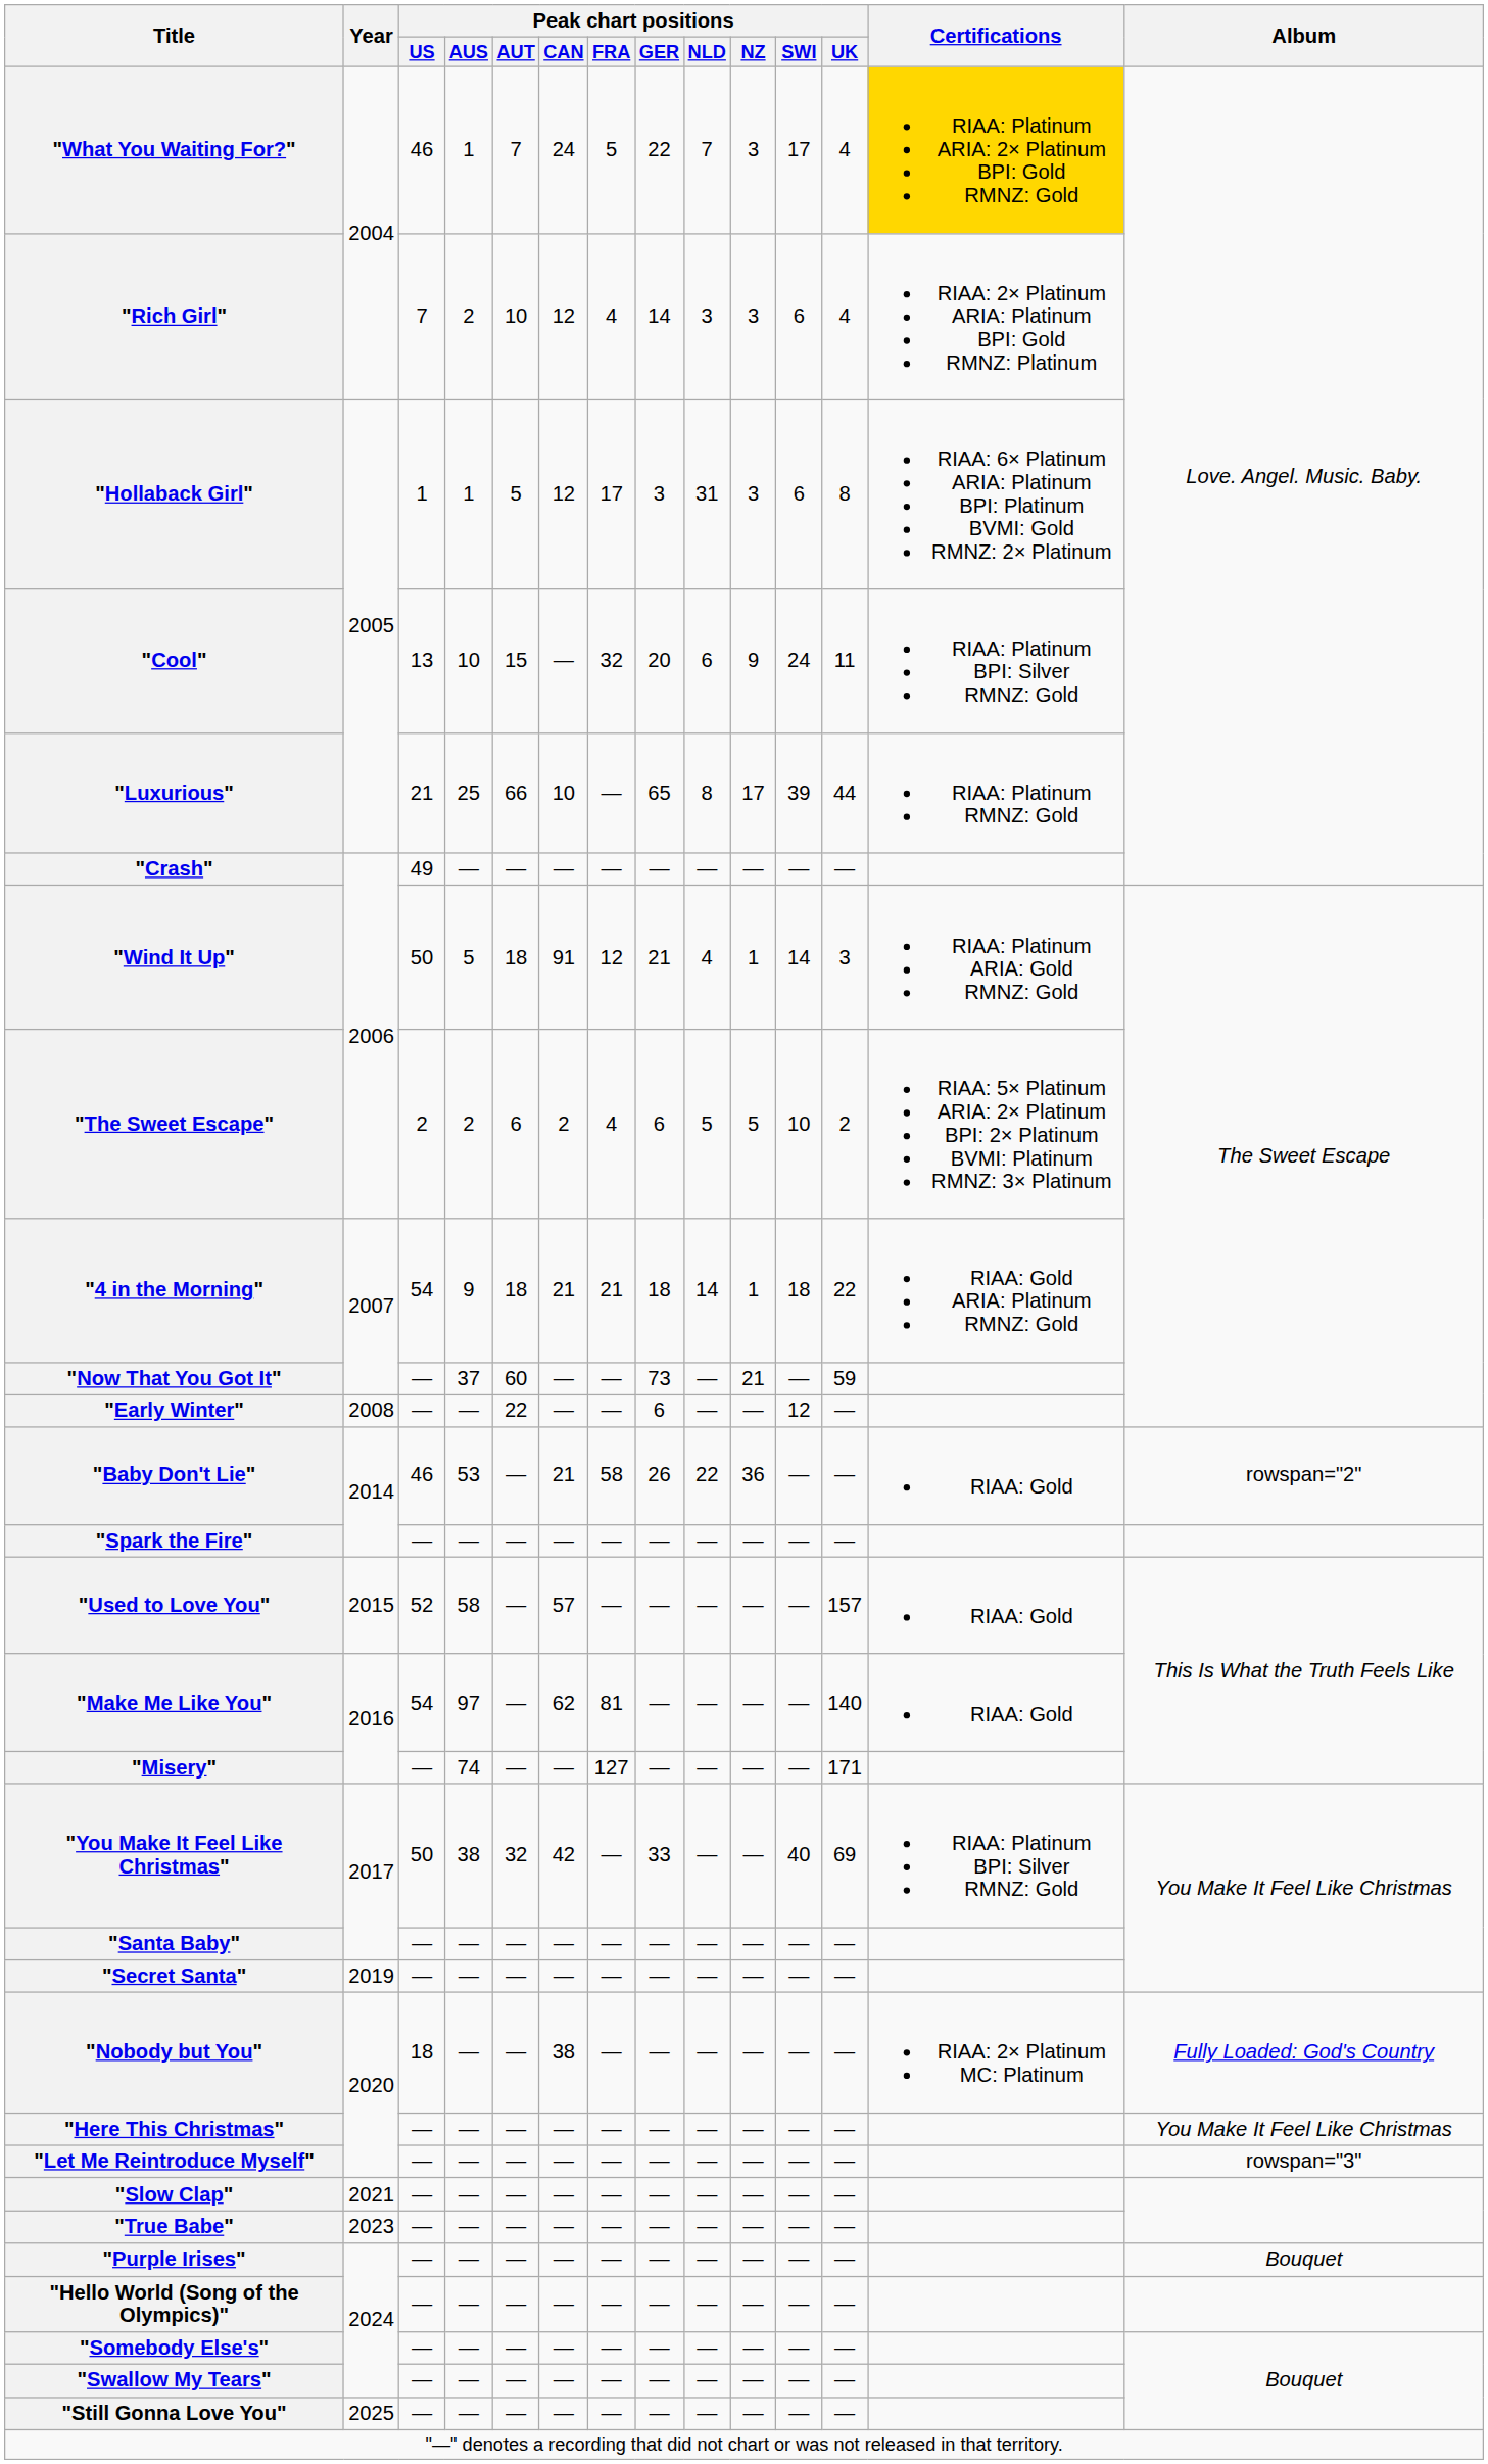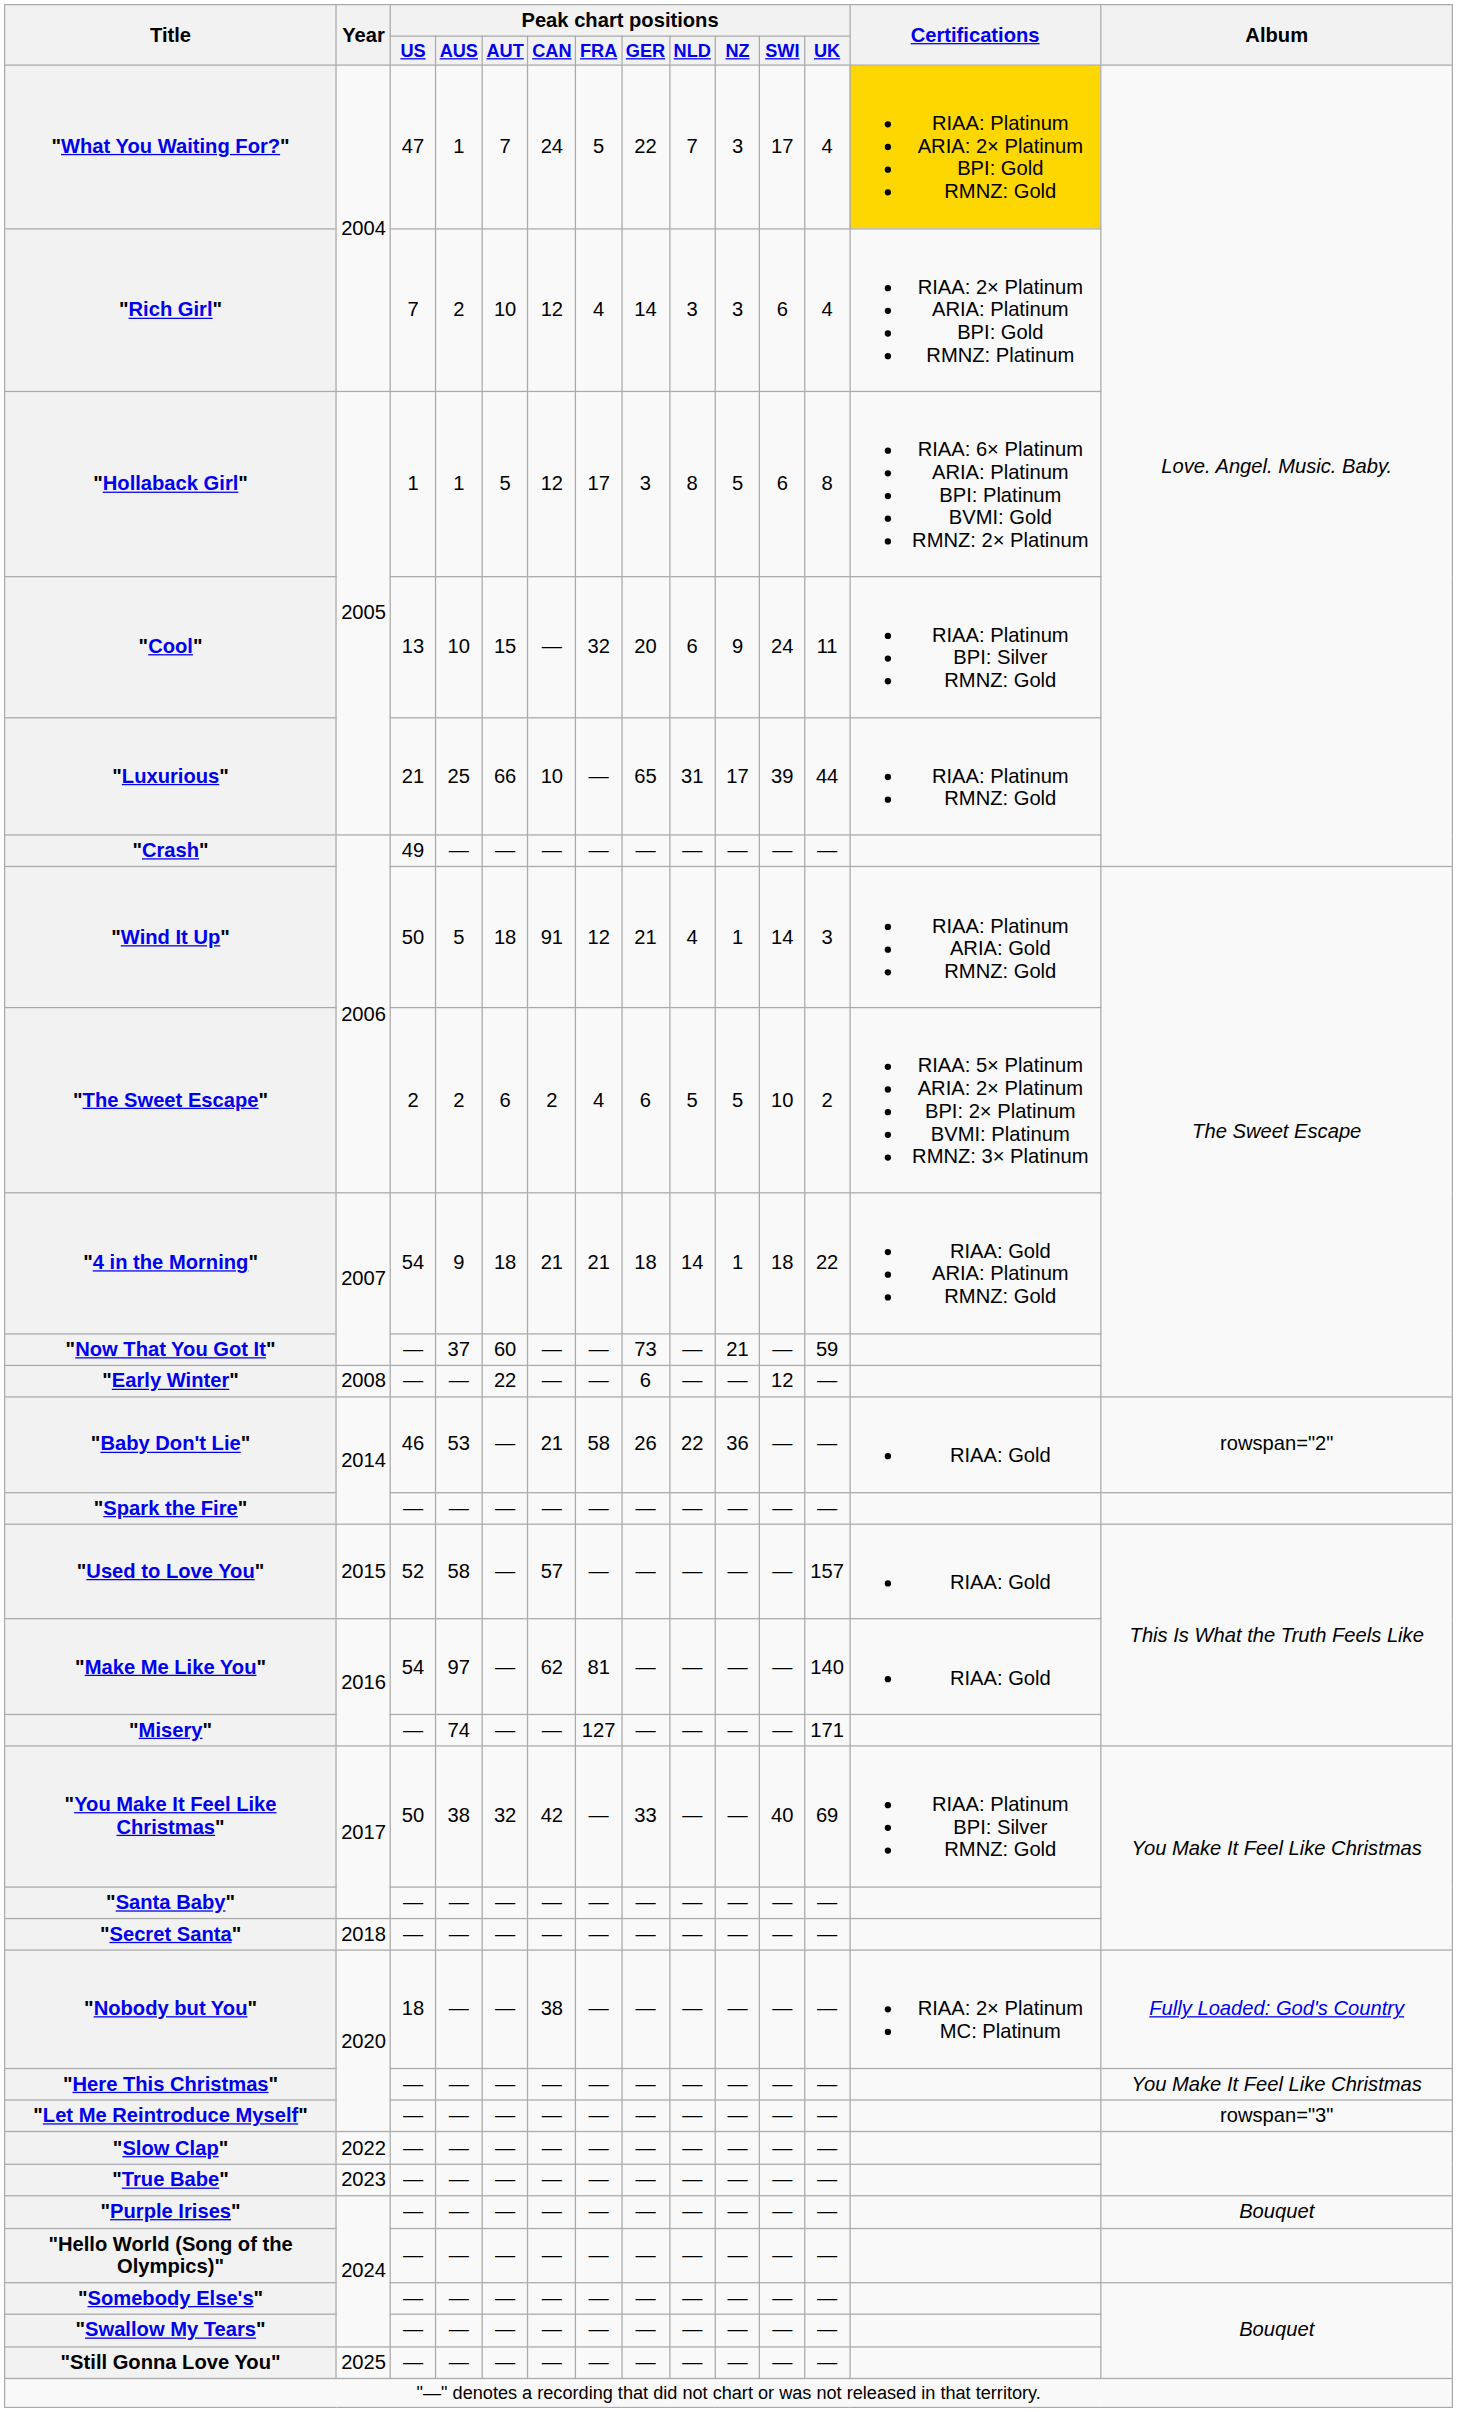 <table class="wikitable plainrowheaders" style="text-align:center;">
 <tr>
 <th scope="col" rowspan="2" style="width:16em;">Title</th>
 <th scope="col" rowspan="2">Year</th>
 <th scope="col" colspan="10">Peak chart positions</th>
 <th scope="col" rowspan="2" style="width:12em;"><a href='#'>Certifications</a></th>
 <th scope="col" rowspan="2" style="width:17em;">Album</th>
 </tr>
 <tr>
 <th scope="col" style="width:2em;font-size:90%;"><a href='#'>US</a><br></th>
 <th scope="col" style="width:2em;font-size:90%;"><a href='#'>AUS</a><br></th>
 <th scope="col" style="width:2em;font-size:90%;"><a href='#'>AUT</a><br></th>
 <th scope="col" style="width:2em;font-size:90%;"><a href='#'>CAN</a><br></th>
 <th scope="col" style="width:2em;font-size:90%;"><a href='#'>FRA</a><br></th>
 <th scope="col" style="width:2em;font-size:90%;"><a href='#'>GER</a><br></th>
 <th scope="col" style="width:2em;font-size:90%;"><a href='#'>NLD</a><br></th>
 <th scope="col" style="width:2em;font-size:90%;"><a href='#'>NZ</a><br></th>
 <th scope="col" style="width:2em;font-size:90%;"><a href='#'>SWI</a><br></th>
 <th scope="col" style="width:2em;font-size:90%;"><a href='#'>UK</a><br></th>
 </tr>
 <tr>
 <th scope="row">"<a href='#'>What You Waiting For?</a>"</th>
 <td rowspan="2">2004</td>
-<td>46</td>
+<td>47</td>
 <td>1</td>
 <td>7</td>
 <td>24</td>
 <td>5</td>
 <td>22</td>
 <td>7</td>
 <td>3</td>
 <td>17</td>
 <td>4</td>
 <td style="background: gold;"><br><ul><li>RIAA: Platinum</li><li>ARIA: 2× Platinum</li><li>BPI: Gold</li><li>RMNZ: Gold</li></ul></td>
 <td rowspan="6"><em>Love. Angel. Music. Baby.</em></td>
 </tr>
 <tr>
 <th scope="row">"<a href='#'>Rich Girl</a>"<br></th>
 <td>7</td>
 <td>2</td>
 <td>10</td>
 <td>12</td>
 <td>4</td>
 <td>14</td>
 <td>3</td>
 <td>3</td>
 <td>6</td>
 <td>4</td>
 <td><br><ul><li>RIAA: 2× Platinum</li><li>ARIA: Platinum</li><li>BPI: Gold</li><li>RMNZ: Platinum</li></ul></td>
 </tr>
 <tr>
 <th scope="row">"<a href='#'>Hollaback Girl</a>"</th>
 <td rowspan="3">2005</td>
 <td>1</td>
 <td>1</td>
 <td>5</td>
 <td>12</td>
 <td>17</td>
 <td>3</td>
-<td>31</td>
-<td>3</td>
+<td>8</td>
+<td>5</td>
 <td>6</td>
 <td>8</td>
 <td><br><ul><li>RIAA: 6× Platinum</li><li>ARIA: Platinum</li><li>BPI: Platinum</li><li>BVMI: Gold</li><li>RMNZ: 2× Platinum</li></ul></td>
 </tr>
 <tr>
 <th scope="row">"<a href='#'>Cool</a>"</th>
 <td>13</td>
 <td>10</td>
 <td>15</td>
 <td>—</td>
 <td>32</td>
 <td>20</td>
 <td>6</td>
 <td>9</td>
 <td>24</td>
 <td>11</td>
 <td><br><ul><li>RIAA: Platinum</li><li>BPI: Silver</li><li>RMNZ: Gold</li></ul></td>
 </tr>
 <tr>
 <th scope="row">"<a href='#'>Luxurious</a>"<br></th>
 <td>21</td>
 <td>25</td>
 <td>66</td>
 <td>10</td>
 <td>—</td>
 <td>65</td>
-<td>8</td>
+<td>31</td>
 <td>17</td>
 <td>39</td>
 <td>44</td>
 <td><br><ul><li>RIAA: Platinum</li><li>RMNZ: Gold</li></ul></td>
 </tr>
 <tr>
 <th scope="row">"<a href='#'>Crash</a>"</th>
 <td rowspan="3">2006</td>
 <td>49</td>
 <td>—</td>
 <td>—</td>
 <td>—</td>
 <td>—</td>
 <td>—</td>
 <td>—</td>
 <td>—</td>
 <td>—</td>
 <td>—</td>
 <td></td>
 </tr>
 <tr>
 <th scope="row">"<a href='#'>Wind It Up</a>"</th>
 <td>50</td>
 <td>5</td>
 <td>18</td>
 <td>91</td>
 <td>12</td>
 <td>21</td>
 <td>4</td>
 <td>1</td>
 <td>14</td>
 <td>3</td>
 <td><br><ul><li>RIAA: Platinum</li><li>ARIA: Gold</li><li>RMNZ: Gold</li></ul></td>
 <td rowspan="5"><em>The Sweet Escape</em></td>
 </tr>
 <tr>
 <th scope="row">"<a href='#'>The Sweet Escape</a>"<br></th>
 <td>2</td>
 <td>2</td>
 <td>6</td>
 <td>2</td>
 <td>4</td>
 <td>6</td>
 <td>5</td>
 <td>5</td>
 <td>10</td>
 <td>2</td>
 <td><br><ul><li>RIAA: 5× Platinum</li><li>ARIA: 2× Platinum</li><li>BPI: 2× Platinum</li><li>BVMI: Platinum</li><li>RMNZ: 3× Platinum</li></ul></td>
 </tr>
 <tr>
 <th scope="row">"<a href='#'>4 in the Morning</a>"</th>
 <td rowspan="2">2007</td>
 <td>54</td>
 <td>9</td>
 <td>18</td>
 <td>21</td>
 <td>21</td>
 <td>18</td>
 <td>14</td>
 <td>1</td>
 <td>18</td>
 <td>22</td>
 <td><br><ul><li>RIAA: Gold</li><li>ARIA: Platinum</li><li>RMNZ: Gold</li></ul></td>
 </tr>
 <tr>
 <th scope="row">"<a href='#'>Now That You Got It</a>"<br></th>
 <td>—</td>
 <td>37</td>
 <td>60</td>
 <td>—</td>
 <td>—</td>
 <td>73</td>
 <td>—</td>
 <td>21</td>
 <td>—</td>
 <td>59</td>
 <td></td>
 </tr>
 <tr>
 <th scope="row">"<a href='#'>Early Winter</a>"</th>
 <td>2008</td>
 <td>—</td>
 <td>—</td>
 <td>22</td>
 <td>—</td>
 <td>—</td>
 <td>6</td>
 <td>—</td>
 <td>—</td>
 <td>12</td>
 <td>—</td>
 <td></td>
 </tr>
 <tr>
 <th scope="row">"<a href='#'>Baby Don't Lie</a>"</th>
 <td rowspan="2">2014</td>
 <td>46</td>
 <td>53</td>
 <td>—</td>
 <td>21</td>
 <td>58</td>
 <td>26</td>
 <td>22</td>
 <td>36</td>
 <td>—</td>
 <td>—</td>
 <td><br><ul><li>RIAA: Gold</li></ul></td>
 <td>rowspan="2" </td>
 </tr>
 <tr>
 <th scope="row">"<a href='#'>Spark the Fire</a>"</th>
 <td>—</td>
 <td>—</td>
 <td>—</td>
 <td>—</td>
 <td>—</td>
 <td>—</td>
 <td>—</td>
 <td>—</td>
 <td>—</td>
 <td>—</td>
 <td></td>
 </tr>
 <tr>
 <th scope="row">"<a href='#'>Used to Love You</a>"</th>
 <td>2015</td>
 <td>52</td>
 <td>58</td>
 <td>—</td>
 <td>57</td>
 <td>—</td>
 <td>—</td>
 <td>—</td>
 <td>—</td>
 <td>—</td>
 <td>157</td>
 <td><br><ul><li>RIAA: Gold</li></ul></td>
 <td rowspan="3"><em>This Is What the Truth Feels Like</em></td>
 </tr>
 <tr>
 <th scope="row">"<a href='#'>Make Me Like You</a>"</th>
 <td rowspan="2">2016</td>
 <td>54</td>
 <td>97</td>
 <td>—</td>
 <td>62</td>
 <td>81</td>
 <td>—</td>
 <td>—</td>
 <td>—</td>
 <td>—</td>
 <td>140</td>
 <td><br><ul><li>RIAA: Gold</li></ul></td>
 </tr>
 <tr>
 <th scope="row">"<a href='#'>Misery</a>"</th>
 <td>—</td>
 <td>74</td>
 <td>—</td>
 <td>—</td>
 <td>127</td>
 <td>—</td>
 <td>—</td>
 <td>—</td>
 <td>—</td>
 <td>171</td>
 <td></td>
 </tr>
 <tr>
 <th scope="row">"<a href='#'>You Make It Feel Like Christmas</a>"<br></th>
 <td rowspan="2">2017</td>
 <td>50</td>
 <td>38</td>
 <td>32</td>
 <td>42</td>
 <td>—</td>
 <td>33</td>
 <td>—</td>
 <td>—</td>
 <td>40</td>
 <td>69</td>
 <td><br><ul><li>RIAA: Platinum</li><li>BPI: Silver</li><li>RMNZ: Gold</li></ul></td>
 <td rowspan="3"><em>You Make It Feel Like Christmas</em></td>
 </tr>
 <tr>
 <th scope="row">"<a href='#'>Santa Baby</a>"</th>
 <td>—</td>
 <td>—</td>
 <td>—</td>
 <td>—</td>
 <td>—</td>
 <td>—</td>
 <td>—</td>
 <td>—</td>
 <td>—</td>
 <td>—</td>
 <td></td>
 </tr>
 <tr>
 <th scope="row">"<a href='#'>Secret Santa</a>"</th>
-<td>2019</td>
+<td>2018</td>
 <td>—</td>
 <td>—</td>
 <td>—</td>
 <td>—</td>
 <td>—</td>
 <td>—</td>
 <td>—</td>
 <td>—</td>
 <td>—</td>
 <td>—</td>
 <td></td>
 </tr>
 <tr>
 <th scope="row">"<a href='#'>Nobody but You</a>"<br></th>
 <td rowspan="3">2020</td>
 <td>18</td>
 <td>—</td>
 <td>—</td>
 <td>38</td>
 <td>—</td>
 <td>—</td>
 <td>—</td>
 <td>—</td>
 <td>—</td>
 <td>—</td>
 <td><br><ul><li>RIAA: 2× Platinum</li><li>MC: Platinum</li></ul></td>
 <td><em><a href='#'>Fully Loaded: God's Country</a></em></td>
 </tr>
 <tr>
 <th scope="row">"<a href='#'>Here This Christmas</a>"</th>
 <td>—</td>
 <td>—</td>
 <td>—</td>
 <td>—</td>
 <td>—</td>
 <td>—</td>
 <td>—</td>
 <td>—</td>
 <td>—</td>
 <td>—</td>
 <td></td>
 <td><em>You Make It Feel Like Christmas</em></td>
 </tr>
 <tr>
 <th scope="row">"<a href='#'>Let Me Reintroduce Myself</a>"</th>
 <td>—</td>
 <td>—</td>
 <td>—</td>
 <td>—</td>
 <td>—</td>
 <td>—</td>
 <td>—</td>
 <td>—</td>
 <td>—</td>
 <td>—</td>
 <td></td>
 <td>rowspan="3" </td>
 </tr>
 <tr>
 <th scope="row">"<a href='#'>Slow Clap</a>"<br></th>
-<td>2021</td>
+<td>2022</td>
 <td>—</td>
 <td>—</td>
 <td>—</td>
 <td>—</td>
 <td>—</td>
 <td>—</td>
 <td>—</td>
 <td>—</td>
 <td>—</td>
 <td>—</td>
 <td></td>
 </tr>
 <tr>
 <th scope="row">"<a href='#'>True Babe</a>"</th>
 <td>2023</td>
 <td>—</td>
 <td>—</td>
 <td>—</td>
 <td>—</td>
 <td>—</td>
 <td>—</td>
 <td>—</td>
 <td>—</td>
 <td>—</td>
 <td>—</td>
 <td></td>
 </tr>
 <tr>
 <th scope="row">"<a href='#'>Purple Irises</a>"<br></th>
 <td rowspan="4”">2024</td>
 <td>—</td>
 <td>—</td>
 <td>—</td>
 <td>—</td>
 <td>—</td>
 <td>—</td>
 <td>—</td>
 <td>—</td>
 <td>—</td>
 <td>—</td>
 <td></td>
 <td><em>Bouquet</em></td>
 </tr>
 <tr>
 <th scope="row">"Hello World (Song of the Olympics)"<br></th>
 <td>—</td>
 <td>—</td>
 <td>—</td>
 <td>—</td>
 <td>—</td>
 <td>—</td>
 <td>—</td>
 <td>—</td>
 <td>—</td>
 <td>—</td>
 <td></td>
 <td></td>
 </tr>
 <tr>
 <th scope="row">"<a href='#'>Somebody Else's</a>"</th>
 <td>—</td>
 <td>—</td>
 <td>—</td>
 <td>—</td>
 <td>—</td>
 <td>—</td>
 <td>—</td>
 <td>—</td>
 <td>—</td>
 <td>—</td>
 <td></td>
 <td rowspan="3"><em>Bouquet</em></td>
 </tr>
 <tr>
 <th scope="row">"<a href='#'>Swallow My Tears</a>"</th>
 <td>—</td>
 <td>—</td>
 <td>—</td>
 <td>—</td>
 <td>—</td>
 <td>—</td>
 <td>—</td>
 <td>—</td>
 <td>—</td>
 <td>—</td>
 <td></td>
 </tr>
 <tr>
 <th scope="row">"Still Gonna Love You"</th>
 <td>2025</td>
 <td>—</td>
 <td>—</td>
 <td>—</td>
 <td>—</td>
 <td>—</td>
 <td>—</td>
 <td>—</td>
 <td>—</td>
 <td>—</td>
 <td>—</td>
 <td></td>
 </tr>
 <tr>
 <td colspan="14" style="font-size:90%">"—" denotes a recording that did not chart or was not released in that territory.</td>
 </tr>
 </table>
